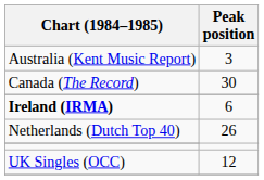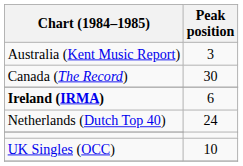 <table class="wikitable sortable">
 <tr>
 <th>Chart (1984–1985)</th>
 <th>Peak<br>position</th>
 </tr>
 <tr>
 <td>Australia (<a href='#'>Kent Music Report</a>)</td>
 <td style="text-align:center;">3</td>
 </tr>
 <tr>
 <td>Canada (<em><a href='#'>The Record</a></em>)</td>
 <td style="text-align:center;">30</td>
 </tr>
 <tr>
 </tr>
 <tr>
 </tr>
 <tr>
 <td><strong>Ireland (<a href='#'>IRMA</a>)</strong></td>
 <td style="text-align:center;">6</td>
 </tr>
 <tr>
 <td>Netherlands (<a href='#'>Dutch Top 40</a>)</td>
-<td style="text-align:center;">26</td>
+<td style="text-align:center;">24</td>
 </tr>
 <tr>
 </tr>
 <tr>
 <td></td>
 </tr>
 <tr>
 <td><a href='#'>UK Singles</a> (<a href='#'>OCC</a>)</td>
-<td style="text-align:center;">12</td>
+<td style="text-align:center;">10</td>
 </tr>
 <tr>
 </tr>
 <tr>
 </tr>
 </table>
